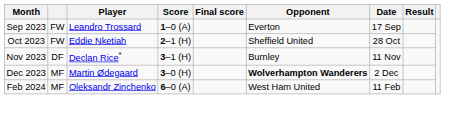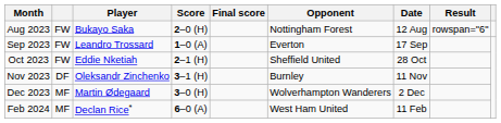 <table class="wikitable" style="text-align:center; font-size:90%;">
 <tr>
 <th>Month</th>
 <th></th>
 <th>Player</th>
 <th>Score</th>
 <th>Final score</th>
 <th>Opponent</th>
 <th>Date</th>
 <th>Result</th>
 <th></th>
+</tr>
+<tr>
+<td>Aug 2023</td>
+<td>FW</td>
+<td style="text-align:left;"> <a href='#'>Bukayo Saka</a></td>
+<td><strong>2</strong>–0 (H)</td>
+<td></td>
+<td style="text-align:left;">Nottingham Forest</td>
+<td>12 Aug</td>
+<td>rowspan="6" </td>
+<td></td>
 </tr>
 <tr>
 <td>Sep 2023</td>
 <td>FW</td>
 <td style="text-align:left;"> <a href='#'>Leandro Trossard</a></td>
 <td><strong>1</strong>–0 (A)</td>
 <td></td>
 <td style="text-align:left;">Everton</td>
 <td>17 Sep</td>
 <td></td>
 </tr>
 <tr>
 <td>Oct 2023</td>
 <td>FW</td>
 <td style="text-align:left;"> <a href='#'>Eddie Nketiah</a></td>
 <td><strong>2</strong>–1 (H)</td>
 <td></td>
 <td style="text-align:left;">Sheffield United</td>
 <td>28 Oct</td>
 <td></td>
 </tr>
 <tr>
 <td>Nov 2023</td>
 <td>DF</td>
-<td style="text-align:left;"> <a href='#'>Declan Rice</a><sup>*</sup></td>
+<td style="text-align:left;"> <a href='#'>Oleksandr Zinchenko</a></td>
 <td><strong>3</strong>–1 (H)</td>
 <td></td>
 <td style="text-align:left;">Burnley</td>
 <td>11 Nov</td>
 <td></td>
 </tr>
 <tr>
 <td>Dec 2023</td>
 <td>MF</td>
 <td style="text-align:left;"> <a href='#'>Martin Ødegaard</a></td>
 <td><strong>3</strong>–0 (H)</td>
 <td></td>
-<td style="text-align:left;"><strong>Wolverhampton Wanderers</strong></td>
+<td style="text-align:left;">Wolverhampton Wanderers</td>
 <td>2 Dec</td>
 <td></td>
 </tr>
 <tr>
 <td>Feb 2024</td>
 <td>MF</td>
-<td style="text-align:left;"> <a href='#'>Oleksandr Zinchenko</a></td>
+<td style="text-align:left;"> <a href='#'>Declan Rice</a><sup>*</sup></td>
 <td><strong>6</strong>–0 (A)</td>
 <td></td>
 <td style="text-align:left;">West Ham United</td>
 <td>11 Feb</td>
 <td></td>
 </tr>
 </table>
